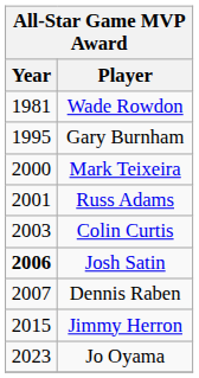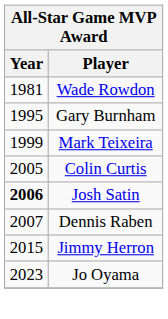 <table class="wikitable" style="display: inline-table; margin-right: 20px; text-align:center">
 <tr>
 <th scope="col" colspan="2" style="width: 145px;">All-Star Game MVP Award</th>
 </tr>
 <tr>
 <th scope="col">Year</th>
 <th scope="col">Player</th>
 </tr>
 <tr>
 <td>1981</td>
 <td><a href='#'>Wade Rowdon</a></td>
 </tr>
 <tr>
 <td>1995</td>
 <td>Gary Burnham</td>
 </tr>
 <tr>
-<td>2000</td>
+<td>1999</td>
 <td><a href='#'>Mark Teixeira</a></td>
 </tr>
 <tr>
-<td>2001</td>
-<td><a href='#'>Russ Adams</a></td>
-</tr>
-<tr>
-<td>2003</td>
+<td>2005</td>
 <td><a href='#'>Colin Curtis</a></td>
 </tr>
 <tr>
 <td><strong>2006</strong></td>
 <td><a href='#'>Josh Satin</a></td>
 </tr>
 <tr>
 <td>2007</td>
 <td>Dennis Raben</td>
 </tr>
 <tr>
 <td>2015</td>
 <td><a href='#'>Jimmy Herron</a></td>
 </tr>
 <tr>
 <td>2023</td>
 <td>Jo Oyama</td>
 </tr>
 <tr>
 </tr>
 </table>
